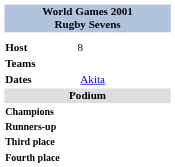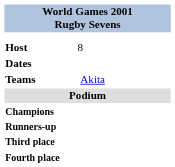 <table class="toccolours" style="float: right; margin: 0 0 1em 1em; font-size: 90%;" width=220px>
 <tr>
 <td colspan="2"  style="background:#b0c4de; text-align:center; height:30px;"><strong>World Games 2001<br>Rugby Sevens</strong></td>
 </tr>
 <tr>
 <td colspan="2" style="text-align: center;"></td>
 </tr>
 <tr style="vertical-align:top;">
 <td colspan=2></td>
 </tr>
 <tr style="vertical-align:top;">
 <td><strong>Host</strong></td>
 <td>8</td>
 </tr>
 <tr style="vertical-align:top;">
-<td width=90><strong>Teams</strong></td>
+<td><strong>Dates</strong></td>
 <td></td>
 </tr>
 <tr style="vertical-align:top;">
-<td><strong>Dates</strong></td>
+<td width=90><strong>Teams</strong></td>
 <td> <a href='#'>Akita</a></td>
 </tr>
 <tr>
 <td colspan="2" style="background: #dedede; text-align: center;"><strong>Podium</strong></td>
 </tr>
 <tr style="vertical-align:top;">
 <td style="font-size:90%; width:90px;"> <strong>Champions</strong></td>
 <td align=left></td>
 </tr>
 <tr>
 <td style="font-size:90%; width:90px;"> <strong>Runners-up</strong></td>
 <td align=left></td>
 </tr>
 <tr>
 <td style="font-size:90%; width:90px;"> <strong>Third place</strong></td>
 <td align=left></td>
 </tr>
 <tr>
 <td style="font-size:90%; width:90px;"><strong>Fourth place</strong></td>
 <td align=left></td>
 </tr>
 </table>
